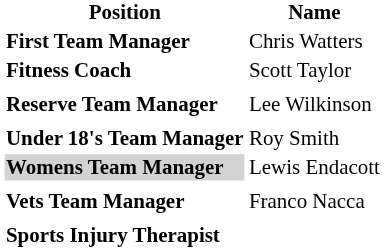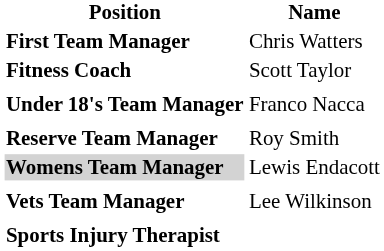 <table ->
 <tr>
 <th>Position</th>
 <th>Name</th>
 </tr>
 <tr>
 <td><strong>First Team Manager</strong></td>
 <td> Chris Watters</td>
 </tr>
 <tr>
 <td><strong>Fitness Coach</strong></td>
 <td> Scott Taylor</td>
 </tr>
 <tr>
 </tr>
 <tr>
 </tr>
 <tr>
-<td><strong>Reserve Team Manager</strong></td>
-<td>Lee Wilkinson</td>
+<td><strong>Under 18's Team Manager</strong></td>
+<td> Franco Nacca</td>
 </tr>
 <tr>
 <td colspan="2"></td>
 </tr>
 <tr>
-<td><strong>Under 18's Team Manager</strong></td>
+<td><strong>Reserve Team Manager</strong></td>
 <td>Roy Smith</td>
 </tr>
 <tr>
 <td style="background: lightgrey;"><strong>Womens Team Manager</strong></td>
 <td> Lewis Endacott</td>
 </tr>
 <tr>
 <td colspan="2"></td>
 </tr>
 <tr>
 <td><strong>Vets Team Manager</strong></td>
-<td> Franco Nacca</td>
+<td>Lee Wilkinson</td>
 </tr>
 <tr>
 <td colspan="2"></td>
 </tr>
 <tr>
 <td><strong>Sports Injury Therapist</strong></td>
 <td></td>
 </tr>
 <tr>
 </tr>
 </table>
